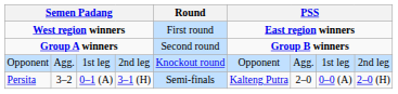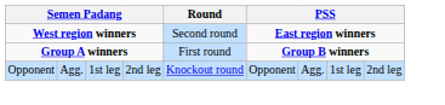 <table class="wikitable" style="text-align:center">
 <tr>
 <th colspan=4><a href='#'>Semen Padang</a></th>
 <th>Round</th>
 <th colspan=4><a href='#'>PSS</a></th>
 </tr>
 <tr>
 <td colspan=4 valign=top><strong><a href='#'>West region</a> winners</strong><br></td>
-<td style="background:#c1e0ff">First round</td>
+<td style="background:#c1e0ff">Second round</td>
 <td colspan=4 valign=top><strong><a href='#'>East region</a> winners</strong><br></td>
 </tr>
 <tr>
 <td colspan=4 valign=top><strong><a href='#'>Group A</a> winners</strong><br></td>
-<td style="background:#c1e0ff">Second round</td>
+<td style="background:#c1e0ff">First round</td>
 <td colspan=4 valign=top><strong><a href='#'>Group B</a> winners</strong><br></td>
 </tr>
 <tr style="background:#c1e0ff">
 <td>Opponent</td>
 <td>Agg.</td>
 <td>1st leg</td>
 <td>2nd leg</td>
 <td><a href='#'>Knockout round</a></td>
 <td>Opponent</td>
 <td>Agg.</td>
 <td>1st leg</td>
 <td>2nd leg</td>
 </tr>
-<tr>
-<td align=left><a href='#'>Persita</a></td>
-<td>3–2</td>
-<td><a href='#'>0–1</a> (A)</td>
-<td><a href='#'>3–1</a> (H)</td>
-<td style="background:#c1e0ff">Semi-finals</td>
-<td align=left><a href='#'>Kalteng Putra</a></td>
-<td>2–0</td>
-<td><a href='#'>0–0</a> (A)</td>
-<td><a href='#'>2–0</a> (H)</td>
-</tr>
 </table>
